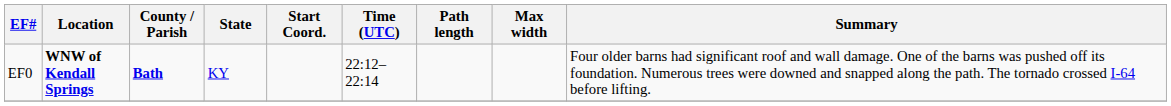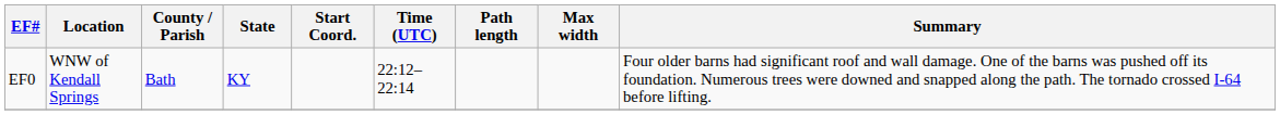 <table class="wikitable sortable" style="width:100%;">
 <tr>
 <th scope="col"  style="width:3%; text-align:center;"><a href='#'>EF#</a></th>
 <th scope="col"  style="width:7%; text-align:center;" class="unsortable">Location</th>
 <th scope="col"  style="width:6%; text-align:center;" class="unsortable">County / Parish</th>
 <th scope="col"  style="width:5%; text-align:center;">State</th>
 <th scope="col"  style="width:6%; text-align:center;">Start Coord.</th>
 <th scope="col"  style="width:6%; text-align:center;">Time (<a href='#'>UTC</a>)</th>
 <th scope="col"  style="width:6%; text-align:center;">Path length</th>
 <th scope="col"  style="width:6%; text-align:center;">Max width</th>
 <th scope="col" class="unsortable" style="width:48%; text-align:center;">Summary</th>
 </tr>
 <tr>
 <td>EF0</td>
-<td><strong>WNW of <a href='#'>Kendall Springs</a></strong></td>
-<td><strong><a href='#'>Bath</a></strong></td>
+<td>WNW of <a href='#'>Kendall Springs</a></td>
+<td><a href='#'>Bath</a></td>
 <td><a href='#'>KY</a></td>
 <td></td>
 <td>22:12–22:14</td>
 <td></td>
 <td></td>
 <td>Four older barns had significant roof and wall damage. One of the barns was pushed off its foundation. Numerous trees were downed and snapped along the path. The tornado crossed <a href='#'>I-64</a> before lifting.</td>
 </tr>
 <tr>
 </tr>
 </table>
